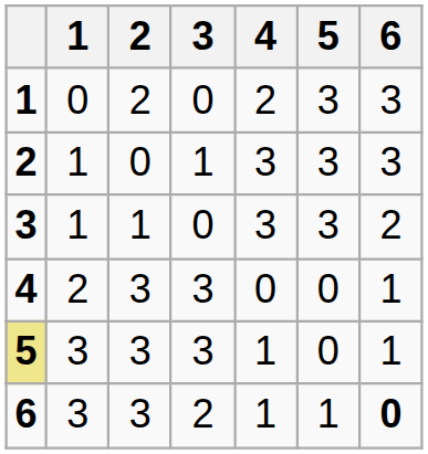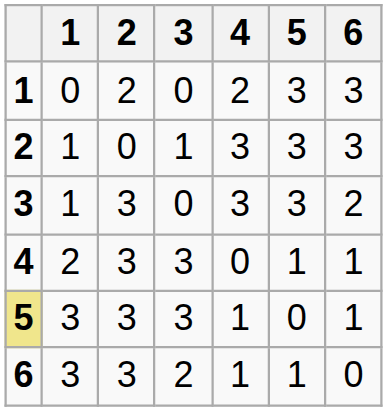 <table class="wikitable" style="margin:1em auto;">
 <tr>
 <th> </th>
 <th>1</th>
 <th>2</th>
 <th>3</th>
 <th>4</th>
 <th>5</th>
 <th>6</th>
 </tr>
 <tr>
 <td><strong>1</strong></td>
 <td><span>  0 </span></td>
 <td><span>  2  </span></td>
 <td><span>   0  </span></td>
 <td><span>  2  </span></td>
 <td><span>  3 </span></td>
 <td><span>  3 </span></td>
 </tr>
 <tr>
 <td><strong>2</strong></td>
 <td><span>   1  </span></td>
 <td><span>  0  </span></td>
 <td><span>   1  </span></td>
 <td><span>  3 </span></td>
 <td><span>  3 </span></td>
 <td><span>  3 </span></td>
 </tr>
 <tr>
 <td><strong>3</strong></td>
 <td><span>   1  </span></td>
-<td><span>   1  </span></td>
+<td><span>   3  </span></td>
 <td><span>  0 </span></td>
 <td><span>  3 </span></td>
 <td><span>  3 </span></td>
 <td><span>  2 </span></td>
 </tr>
 <tr>
 <td><strong>4</strong></td>
 <td><span>  2 </span></td>
 <td><span>  3 </span></td>
 <td><span>  3 </span></td>
 <td><span>  0 </span></td>
-<td><span>   0  </span></td>
+<td><span>   1  </span></td>
 <td><span>   1  </span></td>
 </tr>
 <tr>
 <td style="background: khaki;"><strong>5</strong></td>
 <td><span>  3 </span></td>
 <td><span>  3 </span></td>
 <td><span>  3 </span></td>
 <td><span>   1  </span></td>
 <td><span> 0 </span></td>
 <td><span>   1  </span></td>
 </tr>
 <tr>
 <td><strong>6</strong></td>
 <td><span>  3  </span></td>
 <td><span>  3 </span></td>
 <td><span>  2 </span></td>
 <td><span>  1  </span></td>
 <td><span>  1  </span></td>
-<td><strong><span> 0 </span></strong></td>
+<td><span> 0 </span></td>
 </tr>
 </table>
